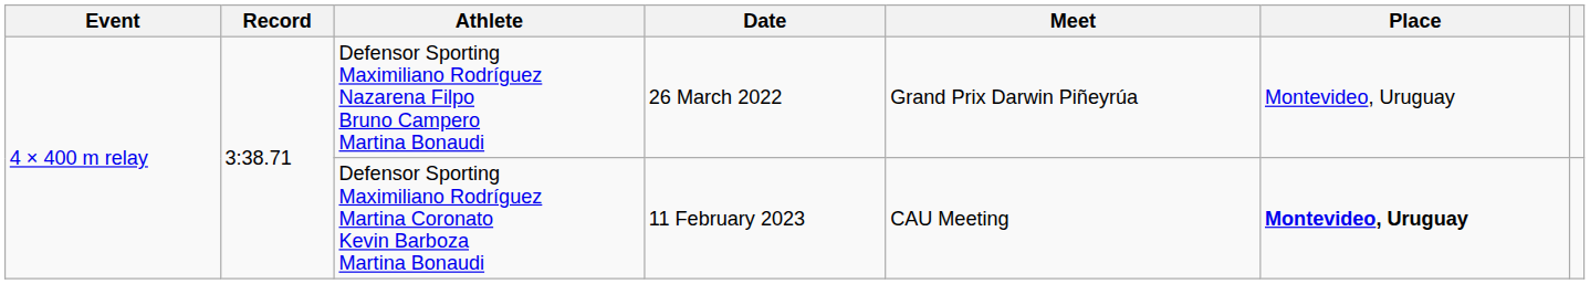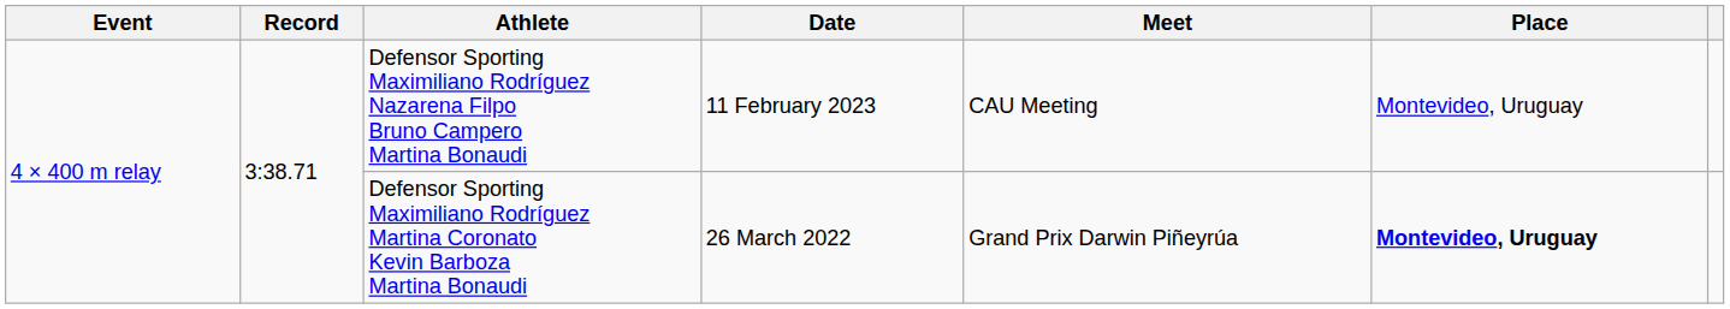 <table class="wikitable" style="font-size: 95%; width: 95%;">
 <tr>
 <th>Event</th>
 <th>Record</th>
 <th>Athlete</th>
 <th>Date</th>
 <th>Meet</th>
 <th>Place</th>
 <th></th>
 </tr>
 <tr>
 <td rowspan=2><a href='#'>4 × 400 m relay</a></td>
 <td rowspan=2>3:38.71</td>
 <td>Defensor Sporting<br><a href='#'>Maximiliano Rodríguez</a><br><a href='#'>Nazarena Filpo</a><br><a href='#'>Bruno Campero</a><br><a href='#'>Martina Bonaudi</a></td>
-<td>26 March 2022</td>
-<td>Grand Prix Darwin Piñeyrúa</td>
+<td>11 February 2023</td>
+<td>CAU Meeting</td>
 <td><a href='#'>Montevideo</a>, Uruguay</td>
 <td></td>
 </tr>
 <tr>
 <td>Defensor Sporting<br><a href='#'>Maximiliano Rodríguez</a><br><a href='#'>Martina Coronato</a><br><a href='#'>Kevin Barboza</a><br><a href='#'>Martina Bonaudi</a></td>
-<td>11 February 2023</td>
-<td>CAU Meeting</td>
+<td>26 March 2022</td>
+<td>Grand Prix Darwin Piñeyrúa</td>
 <td><strong><a href='#'>Montevideo</a>, Uruguay</strong></td>
 <td></td>
 </tr>
 </table>
